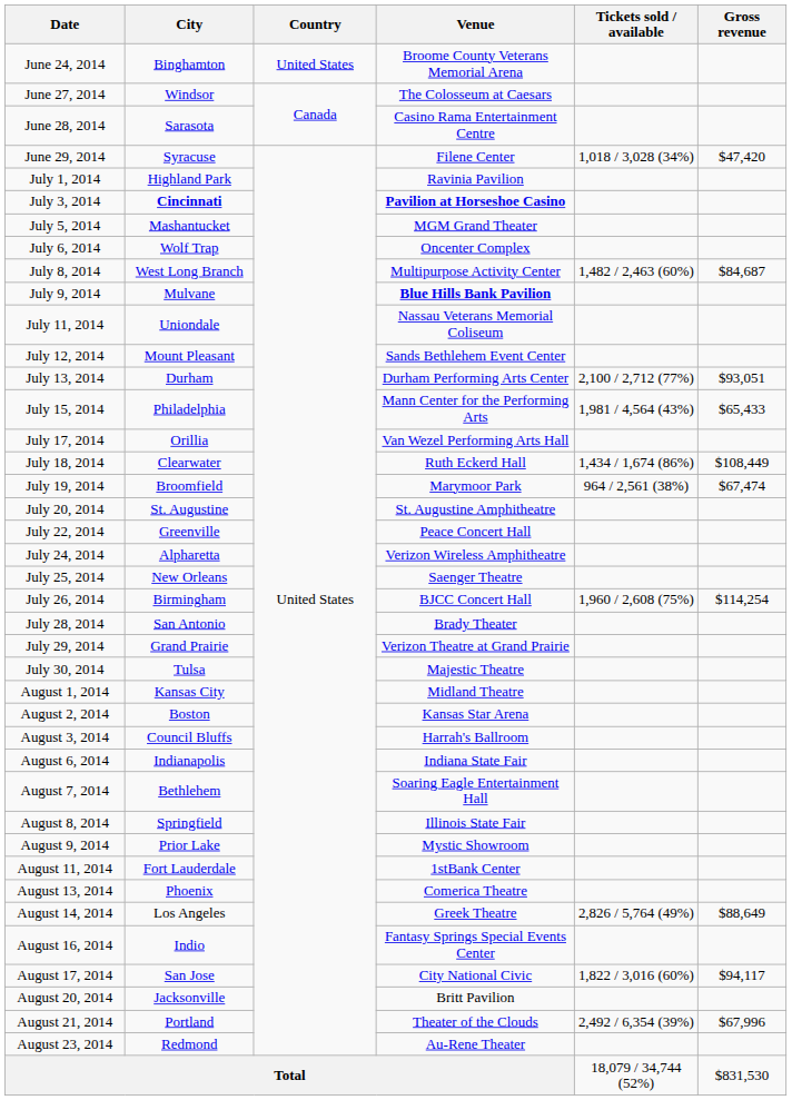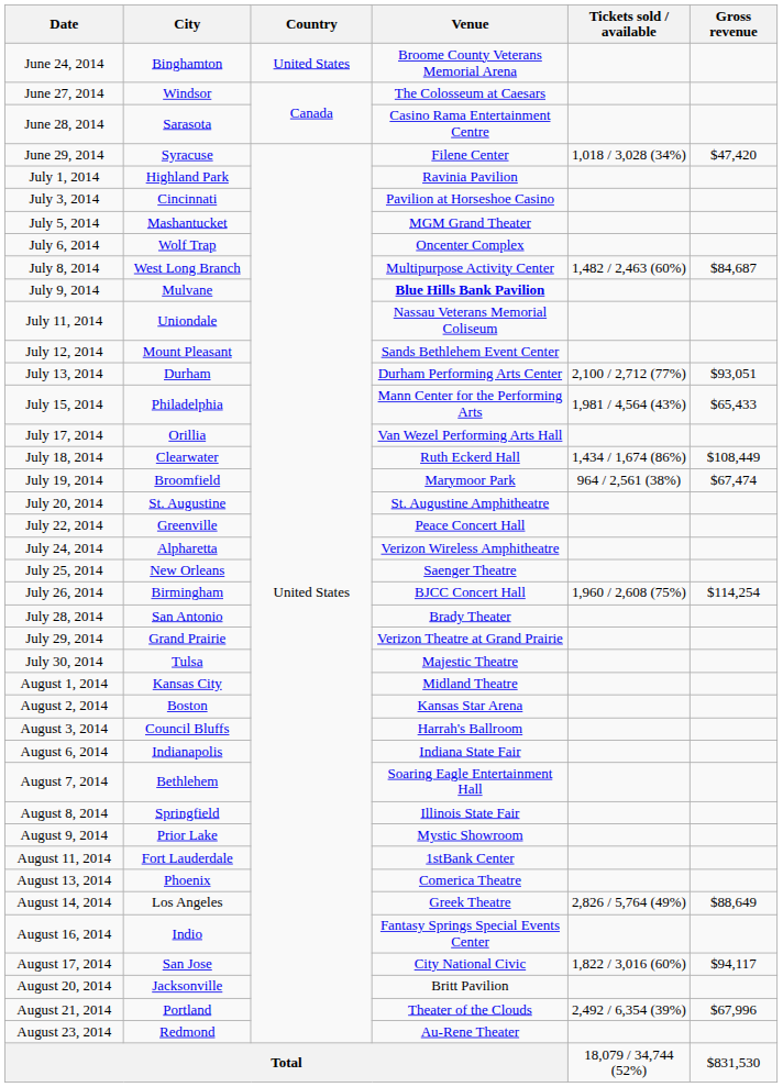 <table class="wikitable" style="text-align:center">
 <tr>
 <th style="width:150px;">Date</th>
 <th style="width:150px;">City</th>
 <th style="width:150px;">Country</th>
 <th style="width:250px;">Venue</th>
 <th style="width:150px;">Tickets sold / available</th>
 <th style="width:100px;">Gross revenue</th>
 </tr>
 <tr>
 <td>June 24, 2014</td>
 <td><a href='#'>Binghamton</a></td>
 <td><a href='#'>United States</a></td>
 <td><a href='#'>Broome County Veterans Memorial Arena</a></td>
 <td></td>
 <td></td>
 </tr>
 <tr>
 <td>June 27, 2014</td>
 <td><a href='#'>Windsor</a></td>
 <td rowspan="2"><a href='#'>Canada</a></td>
 <td><a href='#'>The Colosseum at Caesars</a></td>
 <td></td>
 <td></td>
 </tr>
 <tr>
 <td>June 28, 2014</td>
 <td><a href='#'>Sarasota</a></td>
 <td><a href='#'>Casino Rama Entertainment Centre</a></td>
 <td></td>
 <td></td>
 </tr>
 <tr>
 <td>June 29, 2014</td>
 <td><a href='#'>Syracuse</a></td>
 <td rowspan="37">United States</td>
 <td><a href='#'>Filene Center</a></td>
 <td>1,018 / 3,028 (34%)</td>
 <td>$47,420</td>
 </tr>
 <tr>
 <td>July 1, 2014</td>
 <td><a href='#'>Highland Park</a></td>
 <td><a href='#'>Ravinia Pavilion</a></td>
 <td></td>
 <td></td>
 </tr>
 <tr>
 <td>July 3, 2014</td>
-<td><strong><a href='#'>Cincinnati</a></strong></td>
-<td><strong><a href='#'>Pavilion at Horseshoe Casino</a></strong></td>
+<td><a href='#'>Cincinnati</a></td>
+<td><a href='#'>Pavilion at Horseshoe Casino</a></td>
 <td></td>
 <td></td>
 </tr>
 <tr>
 <td>July 5, 2014</td>
 <td><a href='#'>Mashantucket</a></td>
 <td><a href='#'>MGM Grand Theater</a></td>
 <td></td>
 <td></td>
 </tr>
 <tr>
 <td>July 6, 2014</td>
 <td><a href='#'>Wolf Trap</a></td>
 <td><a href='#'>Oncenter Complex</a></td>
 <td></td>
 <td></td>
 </tr>
 <tr>
 <td>July 8, 2014</td>
 <td><a href='#'>West Long Branch</a></td>
 <td><a href='#'>Multipurpose Activity Center</a></td>
 <td>1,482 / 2,463 (60%)</td>
 <td>$84,687</td>
 </tr>
 <tr>
 <td>July 9, 2014</td>
 <td><a href='#'>Mulvane</a></td>
 <td><strong><a href='#'>Blue Hills Bank Pavilion</a></strong></td>
 <td></td>
 <td></td>
 </tr>
 <tr>
 <td>July 11, 2014</td>
 <td><a href='#'>Uniondale</a></td>
 <td><a href='#'>Nassau Veterans Memorial Coliseum</a></td>
 <td></td>
 <td></td>
 </tr>
 <tr>
 <td>July 12, 2014</td>
 <td><a href='#'>Mount Pleasant</a></td>
 <td><a href='#'>Sands Bethlehem Event Center</a></td>
 <td></td>
 <td></td>
 </tr>
 <tr>
 <td>July 13, 2014</td>
 <td><a href='#'>Durham</a></td>
 <td><a href='#'>Durham Performing Arts Center</a></td>
 <td>2,100 / 2,712 (77%)</td>
 <td>$93,051</td>
 </tr>
 <tr>
 <td>July 15, 2014</td>
 <td><a href='#'>Philadelphia</a></td>
 <td><a href='#'>Mann Center for the Performing Arts</a></td>
 <td>1,981 / 4,564 (43%)</td>
 <td>$65,433</td>
 </tr>
 <tr>
 <td>July 17, 2014</td>
 <td><a href='#'>Orillia</a></td>
 <td><a href='#'>Van Wezel Performing Arts Hall</a></td>
 <td></td>
 <td></td>
 </tr>
 <tr>
 <td>July 18, 2014</td>
 <td><a href='#'>Clearwater</a></td>
 <td><a href='#'>Ruth Eckerd Hall</a></td>
 <td>1,434 / 1,674 (86%)</td>
 <td>$108,449</td>
 </tr>
 <tr>
 <td>July 19, 2014</td>
 <td><a href='#'>Broomfield</a></td>
 <td><a href='#'>Marymoor Park</a></td>
 <td>964 / 2,561 (38%)</td>
 <td>$67,474</td>
 </tr>
 <tr>
 <td>July 20, 2014</td>
 <td><a href='#'>St. Augustine</a></td>
 <td><a href='#'>St. Augustine Amphitheatre</a></td>
 <td></td>
 <td></td>
 </tr>
 <tr>
 <td>July 22, 2014</td>
 <td><a href='#'>Greenville</a></td>
 <td><a href='#'>Peace Concert Hall</a></td>
 <td></td>
 <td></td>
 </tr>
 <tr>
 <td>July 24, 2014</td>
 <td><a href='#'>Alpharetta</a></td>
 <td><a href='#'>Verizon Wireless Amphitheatre</a></td>
 <td></td>
 <td></td>
 </tr>
 <tr>
 <td>July 25, 2014</td>
 <td><a href='#'>New Orleans</a></td>
 <td><a href='#'>Saenger Theatre</a></td>
 <td></td>
 <td></td>
 </tr>
 <tr>
 <td>July 26, 2014</td>
 <td><a href='#'>Birmingham</a></td>
 <td><a href='#'>BJCC Concert Hall</a></td>
 <td>1,960 / 2,608 (75%)</td>
 <td>$114,254</td>
 </tr>
 <tr>
 <td>July 28, 2014</td>
 <td><a href='#'>San Antonio</a></td>
 <td><a href='#'>Brady Theater</a></td>
 <td></td>
 <td></td>
 </tr>
 <tr>
 <td>July 29, 2014</td>
 <td><a href='#'>Grand Prairie</a></td>
 <td><a href='#'>Verizon Theatre at Grand Prairie</a></td>
 <td></td>
 <td></td>
 </tr>
 <tr>
 <td>July 30, 2014</td>
 <td><a href='#'>Tulsa</a></td>
 <td><a href='#'>Majestic Theatre</a></td>
 <td></td>
 <td></td>
 </tr>
 <tr>
 <td>August 1, 2014</td>
 <td><a href='#'>Kansas City</a></td>
 <td><a href='#'>Midland Theatre</a></td>
 <td></td>
 <td></td>
 </tr>
 <tr>
 <td>August 2, 2014</td>
 <td><a href='#'>Boston</a></td>
 <td><a href='#'>Kansas Star Arena</a></td>
 <td></td>
 <td></td>
 </tr>
 <tr>
 <td>August 3, 2014</td>
 <td><a href='#'>Council Bluffs</a></td>
 <td><a href='#'>Harrah's Ballroom</a></td>
 <td></td>
 <td></td>
 </tr>
 <tr>
 <td>August 6, 2014</td>
 <td><a href='#'>Indianapolis</a></td>
 <td><a href='#'>Indiana State Fair</a></td>
 <td></td>
 <td></td>
 </tr>
 <tr>
 <td>August 7, 2014</td>
 <td><a href='#'>Bethlehem</a></td>
 <td><a href='#'>Soaring Eagle Entertainment Hall</a></td>
 <td></td>
 <td></td>
 </tr>
 <tr>
 <td>August 8, 2014</td>
 <td><a href='#'>Springfield</a></td>
 <td><a href='#'>Illinois State Fair</a></td>
 <td></td>
 <td></td>
 </tr>
 <tr>
 <td>August 9, 2014</td>
 <td><a href='#'>Prior Lake</a></td>
 <td><a href='#'>Mystic Showroom</a></td>
 <td></td>
 <td></td>
 </tr>
 <tr>
 <td>August 11, 2014</td>
 <td><a href='#'>Fort Lauderdale</a></td>
 <td><a href='#'>1stBank Center</a></td>
 <td></td>
 <td></td>
 </tr>
 <tr>
 <td>August 13, 2014</td>
 <td><a href='#'>Phoenix</a></td>
 <td><a href='#'>Comerica Theatre</a></td>
 <td></td>
 <td></td>
 </tr>
 <tr>
 <td>August 14, 2014</td>
 <td>Los Angeles</td>
 <td><a href='#'>Greek Theatre</a></td>
 <td>2,826 / 5,764 (49%)</td>
 <td>$88,649</td>
 </tr>
 <tr>
 <td>August 16, 2014</td>
 <td><a href='#'>Indio</a></td>
 <td><a href='#'>Fantasy Springs Special Events Center</a></td>
 <td></td>
 <td></td>
 </tr>
 <tr>
 <td>August 17, 2014</td>
 <td><a href='#'>San Jose</a></td>
 <td><a href='#'>City National Civic</a></td>
 <td>1,822 / 3,016 (60%)</td>
 <td>$94,117</td>
 </tr>
 <tr>
 <td>August 20, 2014</td>
 <td><a href='#'>Jacksonville</a></td>
 <td>Britt Pavilion</td>
 <td></td>
 <td></td>
 </tr>
 <tr>
 <td>August 21, 2014</td>
 <td><a href='#'>Portland</a></td>
 <td><a href='#'>Theater of the Clouds</a></td>
 <td>2,492 / 6,354 (39%)</td>
 <td>$67,996</td>
 </tr>
 <tr>
 <td>August 23, 2014</td>
 <td><a href='#'>Redmond</a></td>
 <td><a href='#'>Au-Rene Theater</a></td>
 <td></td>
 <td></td>
 </tr>
 <tr>
 <th colspan="4">Total</th>
 <td>18,079 / 34,744 (52%)</td>
 <td>$831,530</td>
 </tr>
 </table>
